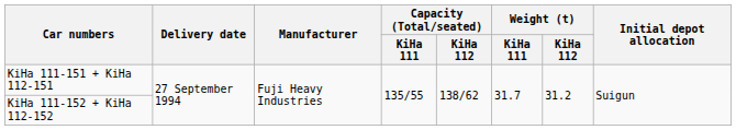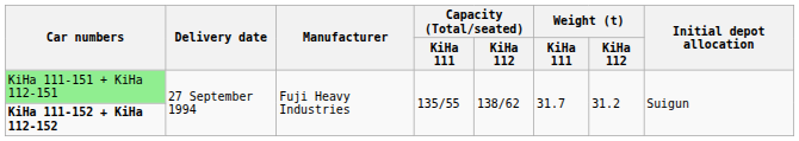 <table class="wikitable">
 <tr>
 <th rowspan=2>Car numbers</th>
 <th rowspan=2>Delivery date</th>
 <th rowspan=2>Manufacturer</th>
 <th colspan=2>Capacity<br>(Total/seated)</th>
 <th colspan=2>Weight (t)</th>
 <th rowspan=2>Initial depot allocation</th>
 </tr>
 <tr>
 <th>KiHa 111</th>
 <th>KiHa 112</th>
 <th>KiHa 111</th>
 <th>KiHa 112</th>
 </tr>
 <tr>
-<td>KiHa 111-151 + KiHa 112-151</td>
+<td style="background: lightgreen;">KiHa 111-151 + KiHa 112-151</td>
 <td rowspan=2>27 September 1994</td>
 <td rowspan=2>Fuji Heavy Industries</td>
 <td rowspan=2>135/55</td>
 <td rowspan=2>138/62</td>
 <td rowspan=2>31.7</td>
 <td rowspan=2>31.2</td>
 <td rowspan=2>Suigun</td>
 </tr>
 <tr>
-<td>KiHa 111-152 + KiHa 112-152</td>
+<td><strong>KiHa 111-152 + KiHa 112-152</strong></td>
 </tr>
 </table>
